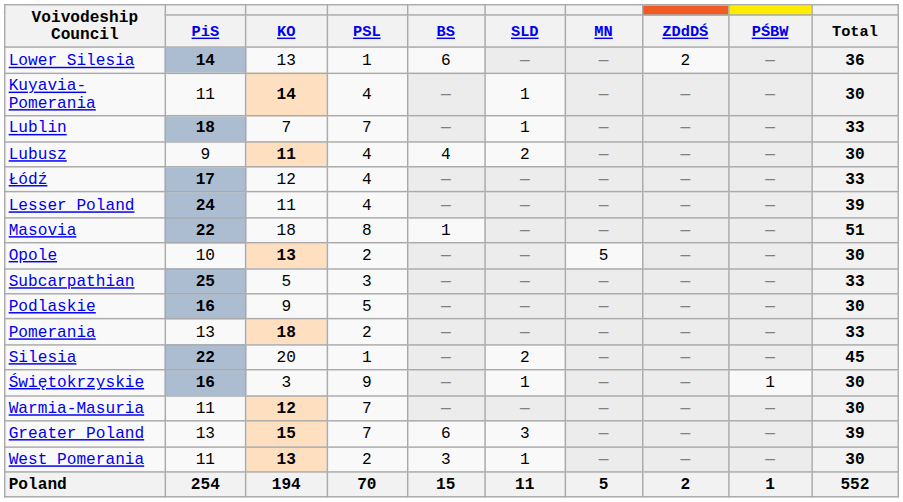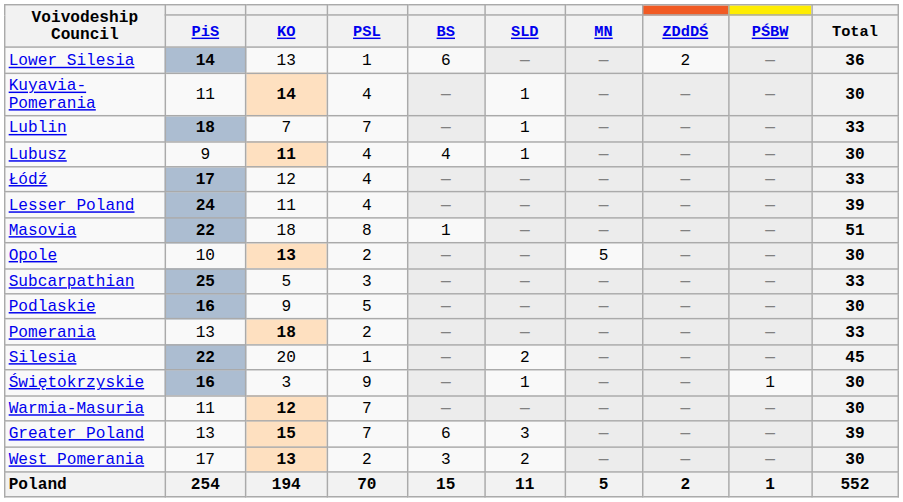 <table class="wikitable sortable" style="text-align:center; font-size:85%;">
 <tr text-align:center;>
 <th style="width:110px;" rowspan="2">Voivodeship Council</th>
 <th style="background: "></th>
 <th style="background: "></th>
 <th style="background: "></th>
 <th style="background: "></th>
 <th style="background: "></th>
 <th style="background: "></th>
 <th style="background: #F15A23;"></th>
 <th style="background: #FEED01;"></th>
 <th style="background: ;"></th>
 </tr>
 <tr text-align:center;>
 <th style="font-size:95%; width:65px;"><a href='#'>PiS</a></th>
 <th style="font-size:95%; width:65px;"><a href='#'>KO</a></th>
 <th style="font-size:95%; width:65px;"><a href='#'>PSL</a></th>
 <th style="font-size:95%; width:65px;"><a href='#'>BS</a></th>
 <th style="font-size:95%; width:65px;"><a href='#'>SLD</a></th>
 <th style="font-size:95%; width:65px;"><a href='#'>MN</a></th>
 <th style="font-size:95%; width:65px;"><a href='#'>ZDdDŚ</a></th>
 <th style="font-size:95%; width:65px;"><a href='#'>PŚBW</a></th>
 <th style="font-size:95%; width:65px;">Total</th>
 </tr>
 <tr>
 <td style="text-align: left;"><a href='#'>Lower Silesia</a></td>
 <td style="background: #acbdd1;"><strong>14</strong></td>
 <td>13</td>
 <td>1</td>
 <td>6</td>
 <td style="background: #ececec; color:gray;">—</td>
 <td style="background: #ececec; color:gray;">—</td>
 <td>2</td>
 <td style="background: #ececec; color:gray;">—</td>
 <th>36</th>
 </tr>
 <tr>
 <td style="text-align: left;"><a href='#'>Kuyavia-Pomerania</a></td>
 <td>11</td>
 <td style="background: #fee0c0;"><strong>14</strong></td>
 <td>4</td>
 <td style="background: #ececec; color:gray;">—</td>
 <td>1</td>
 <td style="background: #ececec; color:gray;">—</td>
 <td style="background: #ececec; color:gray;">—</td>
 <td style="background: #ececec; color:gray;">—</td>
 <th>30</th>
 </tr>
 <tr>
 <td style="text-align: left;"><a href='#'>Lublin</a></td>
 <td style="background: #acbdd1;"><strong>18</strong></td>
 <td>7</td>
 <td>7</td>
 <td style="background: #ececec; color:gray;">—</td>
 <td>1</td>
 <td style="background: #ececec; color:gray;">—</td>
 <td style="background: #ececec; color:gray;">—</td>
 <td style="background: #ececec; color:gray;">—</td>
 <th>33</th>
 </tr>
 <tr>
 <td style="text-align: left;"><a href='#'>Lubusz</a></td>
 <td>9</td>
 <td style="background: #fee0c0;"><strong>11</strong></td>
 <td>4</td>
 <td>4</td>
-<td>2</td>
+<td>1</td>
 <td style="background: #ececec; color:gray;">—</td>
 <td style="background: #ececec; color:gray;">—</td>
 <td style="background: #ececec; color:gray;">—</td>
 <th>30</th>
 </tr>
 <tr>
 <td style="text-align: left;"><a href='#'>Łódź</a></td>
 <td style="background: #acbdd1;"><strong>17</strong></td>
 <td>12</td>
 <td>4</td>
 <td style="background: #ececec; color:gray;">—</td>
 <td style="background: #ececec; color:gray;">—</td>
 <td style="background: #ececec; color:gray;">—</td>
 <td style="background: #ececec; color:gray;">—</td>
 <td style="background: #ececec; color:gray;">—</td>
 <th>33</th>
 </tr>
 <tr>
 <td style="text-align: left;"><a href='#'>Lesser Poland</a></td>
 <td style="background: #acbdd1;"><strong>24</strong></td>
 <td>11</td>
 <td>4</td>
 <td style="background: #ececec; color:gray;">—</td>
 <td style="background: #ececec; color:gray;">—</td>
 <td style="background: #ececec; color:gray;">—</td>
 <td style="background: #ececec; color:gray;">—</td>
 <td style="background: #ececec; color:gray;">—</td>
 <th>39</th>
 </tr>
 <tr>
 <td style="text-align: left;"><a href='#'>Masovia</a></td>
 <td style="background: #acbdd1;"><strong>22</strong></td>
 <td>18</td>
 <td>8</td>
 <td>1</td>
 <td style="background: #ececec; color:gray;">—</td>
 <td style="background: #ececec; color:gray;">—</td>
 <td style="background: #ececec; color:gray;">—</td>
 <td style="background: #ececec; color:gray;">—</td>
 <th>51</th>
 </tr>
 <tr>
 <td style="text-align: left;"><a href='#'>Opole</a></td>
 <td>10</td>
 <td style="background: #fee0c0;"><strong>13</strong></td>
 <td>2</td>
 <td style="background: #ececec; color:gray;">—</td>
 <td style="background: #ececec; color:gray;">—</td>
 <td>5</td>
 <td style="background: #ececec; color:gray;">—</td>
 <td style="background: #ececec; color:gray;">—</td>
 <th>30</th>
 </tr>
 <tr>
 <td style="text-align: left;"><a href='#'>Subcarpathian</a></td>
 <td style="background: #acbdd1;"><strong>25</strong></td>
 <td>5</td>
 <td>3</td>
 <td style="background: #ececec; color:gray;">—</td>
 <td style="background: #ececec; color:gray;">—</td>
 <td style="background: #ececec; color:gray;">—</td>
 <td style="background: #ececec; color:gray;">—</td>
 <td style="background: #ececec; color:gray;">—</td>
 <th>33</th>
 </tr>
 <tr>
 <td style="text-align: left;"><a href='#'>Podlaskie</a></td>
 <td style="background: #acbdd1;"><strong>16</strong></td>
 <td>9</td>
 <td>5</td>
 <td style="background: #ececec; color:gray;">—</td>
 <td style="background: #ececec; color:gray;">—</td>
 <td style="background: #ececec; color:gray;">—</td>
 <td style="background: #ececec; color:gray;">—</td>
 <td style="background: #ececec; color:gray;">—</td>
 <th>30</th>
 </tr>
 <tr>
 <td style="text-align: left;"><a href='#'>Pomerania</a></td>
 <td>13</td>
 <td style="background: #fee0c0;"><strong>18</strong></td>
 <td>2</td>
 <td style="background: #ececec; color:gray;">—</td>
 <td style="background: #ececec; color:gray;">—</td>
 <td style="background: #ececec; color:gray;">—</td>
 <td style="background: #ececec; color:gray;">—</td>
 <td style="background: #ececec; color:gray;">—</td>
 <th>33</th>
 </tr>
 <tr>
 <td style="text-align: left;"><a href='#'>Silesia</a></td>
 <td style="background: #acbdd1;"><strong>22</strong></td>
 <td>20</td>
 <td>1</td>
 <td style="background: #ececec; color:gray;">—</td>
 <td>2</td>
 <td style="background: #ececec; color:gray;">—</td>
 <td style="background: #ececec; color:gray;">—</td>
 <td style="background: #ececec; color:gray;">—</td>
 <th>45</th>
 </tr>
 <tr>
 <td style="text-align: left;"><a href='#'>Świętokrzyskie</a></td>
 <td style="background: #acbdd1;"><strong>16</strong></td>
 <td>3</td>
 <td>9</td>
 <td style="background: #ececec; color:gray;">—</td>
 <td>1</td>
 <td style="background: #ececec; color:gray;">—</td>
 <td style="background: #ececec; color:gray;">—</td>
 <td>1</td>
 <th>30</th>
 </tr>
 <tr>
 <td style="text-align: left;"><a href='#'>Warmia-Masuria</a></td>
 <td>11</td>
 <td style="background: #fee0c0;"><strong>12</strong></td>
 <td>7</td>
 <td style="background: #ececec; color:gray;">—</td>
 <td style="background: #ececec; color:gray;">—</td>
 <td style="background: #ececec; color:gray;">—</td>
 <td style="background: #ececec; color:gray;">—</td>
 <td style="background: #ececec; color:gray;">—</td>
 <th>30</th>
 </tr>
 <tr>
 <td style="text-align: left;"><a href='#'>Greater Poland</a></td>
 <td>13</td>
 <td style="background: #fee0c0;"><strong>15</strong></td>
 <td>7</td>
 <td>6</td>
 <td>3</td>
 <td style="background: #ececec; color:gray;">—</td>
 <td style="background: #ececec; color:gray;">—</td>
 <td style="background: #ececec; color:gray;">—</td>
 <th>39</th>
 </tr>
 <tr>
 <td style="text-align: left;"><a href='#'>West Pomerania</a></td>
-<td>11</td>
+<td>17</td>
 <td style="background: #fee0c0;"><strong>13</strong></td>
 <td>2</td>
 <td>3</td>
-<td>1</td>
+<td>2</td>
 <td style="background: #ececec; color:gray;">—</td>
 <td style="background: #ececec; color:gray;">—</td>
 <td style="background: #ececec; color:gray;">—</td>
 <th>30</th>
 </tr>
 <tr>
 <th style="text-align: left;">Poland</th>
 <th>254</th>
 <th>194</th>
 <th>70</th>
 <th>15</th>
 <th>11</th>
 <th>5</th>
 <th>2</th>
 <th>1</th>
 <th>552</th>
 </tr>
 </table>
